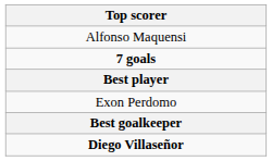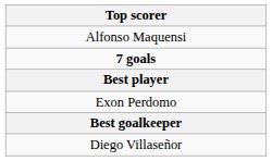 <table class="wikitable" style="margin: 1em auto 1em auto;">
 <tr>
 <th width=300>Top scorer</th>
 </tr>
 <tr align=center style="background:">
 <td style="text-align:center;"> Alfonso Maquensi</td>
 </tr>
 <tr>
 <td style="text-align:center;"><strong>7 goals</strong></td>
 </tr>
 <tr>
 <th>Best player</th>
 </tr>
 <tr>
 <td style="text-align:center;"> Exon Perdomo</td>
 </tr>
 <tr>
 <th>Best goalkeeper</th>
 </tr>
 <tr>
-<td style="text-align:center;"><strong> Diego Villaseñor</strong></td>
+<td style="text-align:center;"> Diego Villaseñor</td>
 </tr>
 </table>
